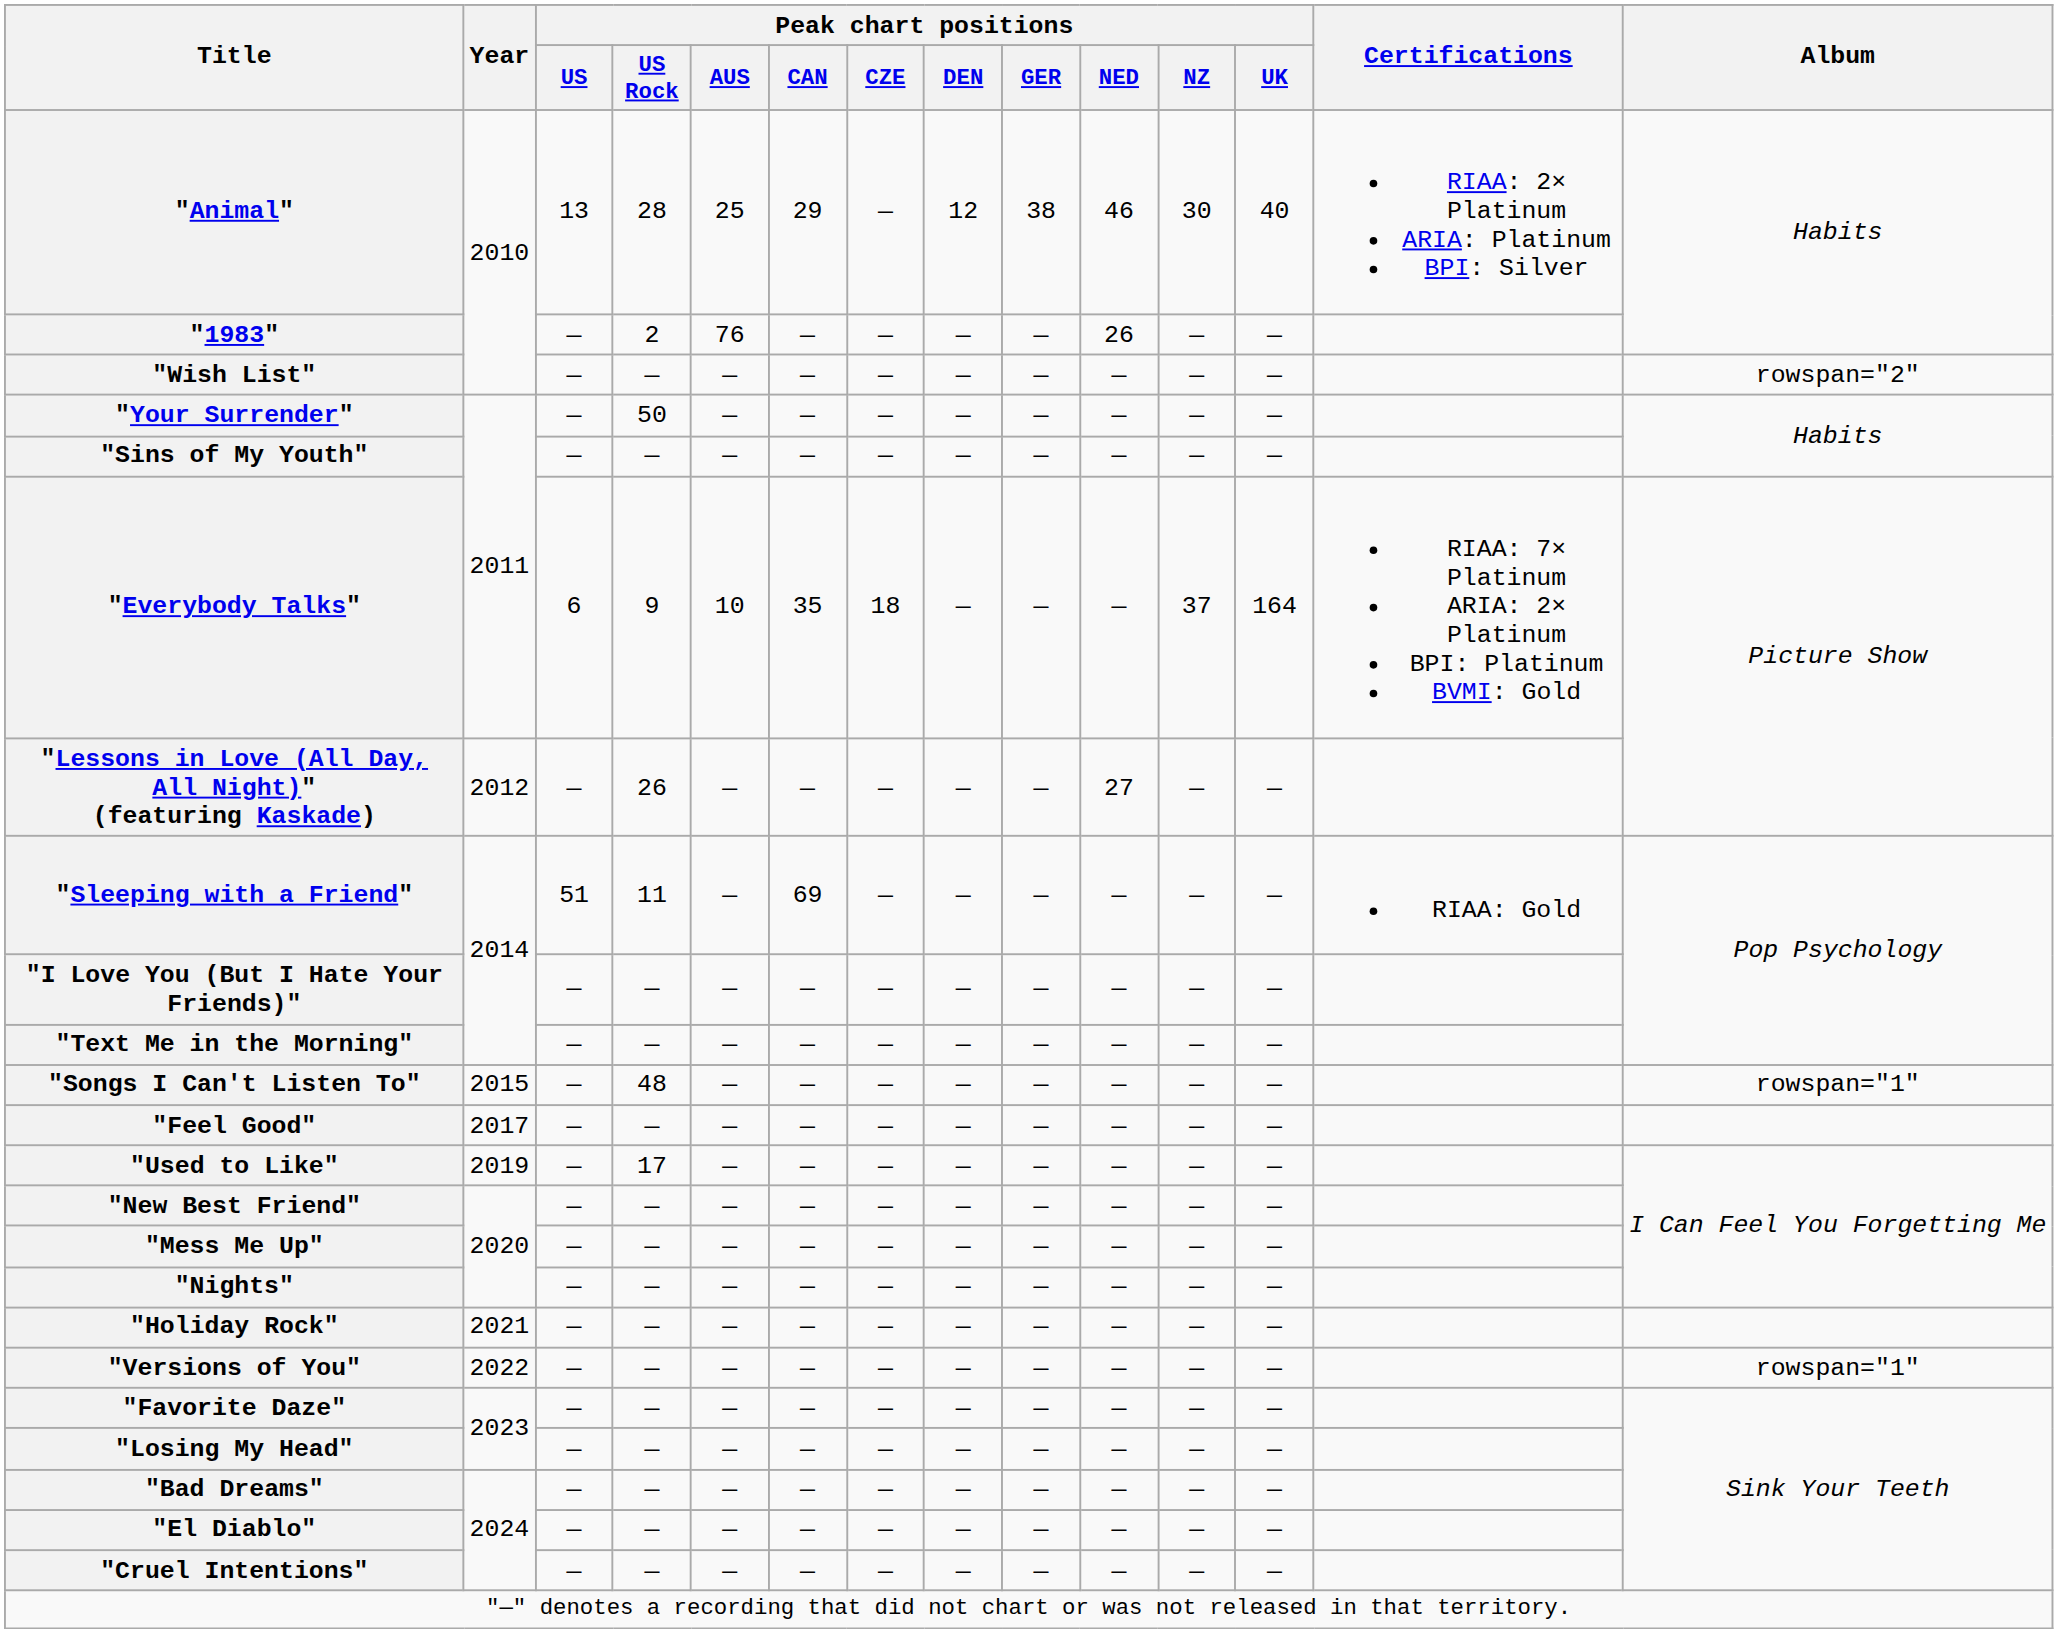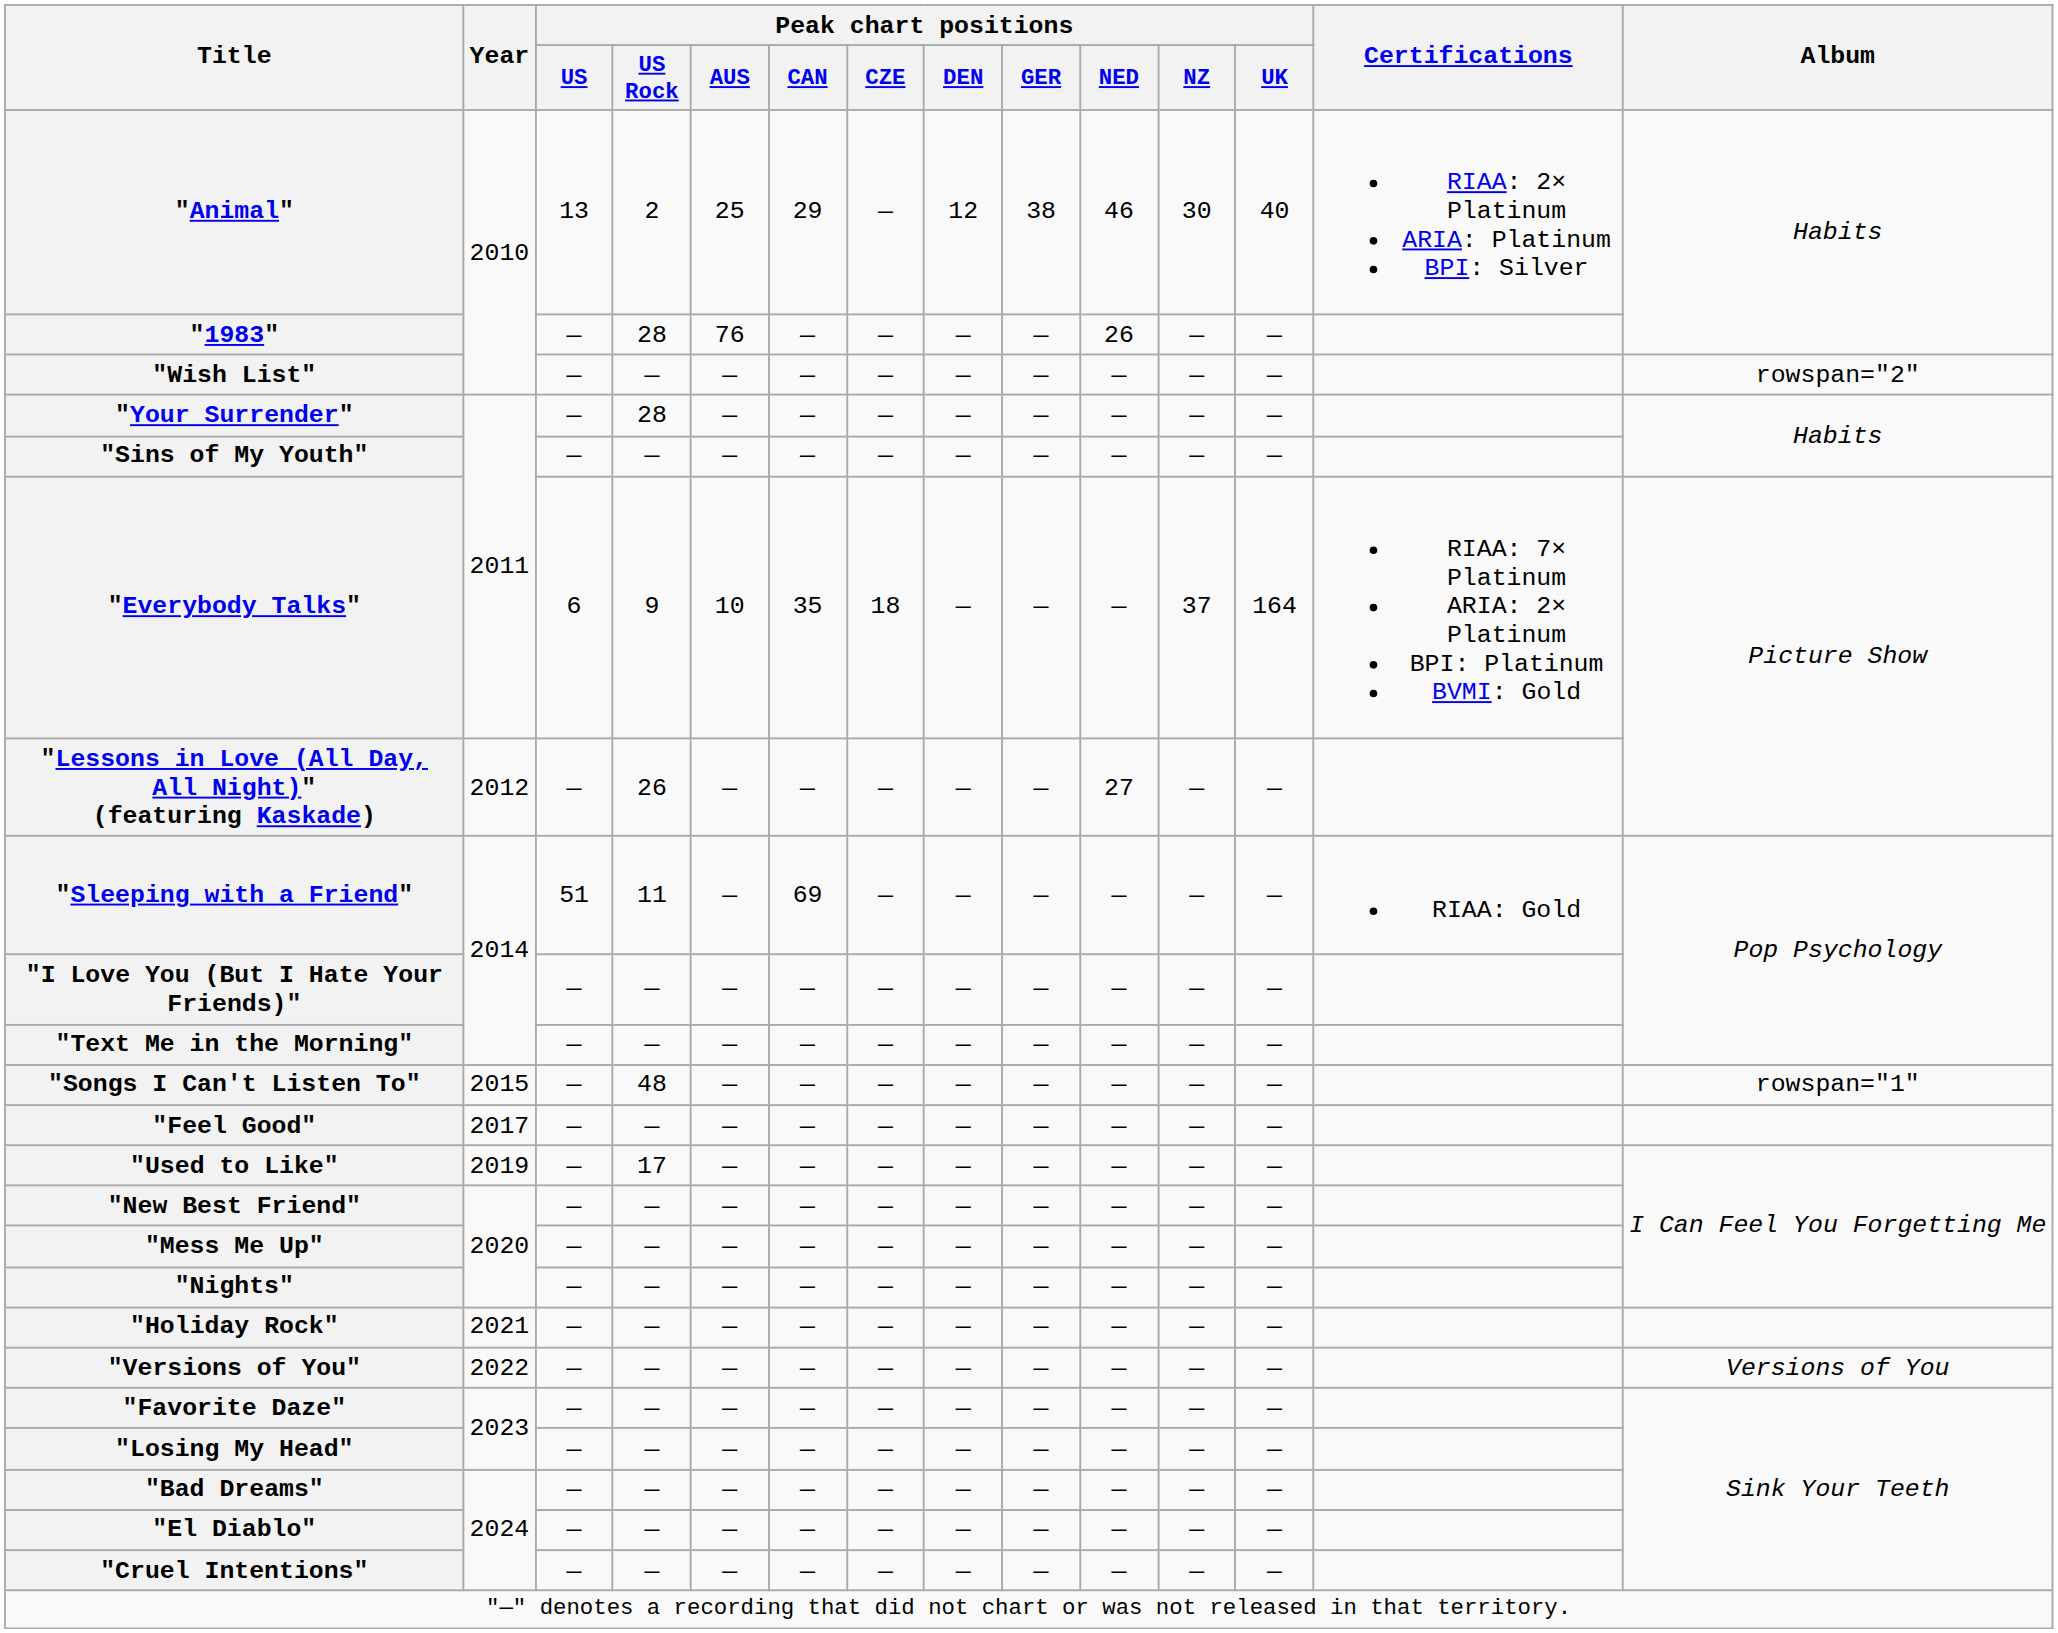 <table class="wikitable plainrowheaders" style="text-align:center;" border="1">
 <tr>
 <th scope="col" rowspan="2" style="width:18em;">Title</th>
 <th scope="col" rowspan="2">Year</th>
 <th scope="col" colspan="10">Peak chart positions</th>
 <th scope="col" rowspan="2" style="width:12em;"><a href='#'>Certifications</a></th>
 <th scope="col" rowspan="2">Album</th>
 </tr>
 <tr>
 <th scope="col" style="width:3em;font-size:90%;"><a href='#'>US</a><br></th>
 <th scope="col" style="width:3em;font-size:90%;"><a href='#'>US<br>Rock</a><br></th>
 <th scope="col" style="width:3em;font-size:90%;"><a href='#'>AUS</a><br></th>
 <th scope="col" style="width:3em;font-size:90%;"><a href='#'>CAN</a><br></th>
 <th scope="col" style="width:3em;font-size:90%;"><a href='#'>CZE</a><br></th>
 <th scope="col" style="width:3em;font-size:90%;"><a href='#'>DEN</a><br></th>
 <th scope="col" style="width:3em;font-size:90%;"><a href='#'>GER</a><br></th>
 <th scope="col" style="width:3em;font-size:90%;"><a href='#'>NED</a><br></th>
 <th scope="col" style="width:3em;font-size:90%;"><a href='#'>NZ</a><br></th>
 <th scope="col" style="width:3em;font-size:90%;"><a href='#'>UK</a><br></th>
 </tr>
 <tr>
 <th scope="row">"<a href='#'>Animal</a>"</th>
 <td rowspan="3">2010</td>
 <td>13</td>
-<td>28</td>
+<td>2</td>
 <td>25</td>
 <td>29</td>
 <td>—</td>
 <td>12</td>
 <td>38</td>
 <td>46</td>
 <td>30</td>
 <td>40</td>
 <td><br><ul><li><a href='#'>RIAA</a>: 2× Platinum</li><li><a href='#'>ARIA</a>: Platinum</li><li><a href='#'>BPI</a>: Silver</li></ul></td>
 <td rowspan="2"><em>Habits</em></td>
 </tr>
 <tr>
 <th scope="row">"<a href='#'>1983</a>"</th>
 <td>—</td>
-<td>2</td>
+<td>28</td>
 <td>76</td>
 <td>—</td>
 <td>—</td>
 <td>—</td>
 <td>—</td>
 <td>26</td>
 <td>—</td>
 <td>—</td>
 <td></td>
 </tr>
 <tr>
 <th scope="row">"Wish List"</th>
 <td>—</td>
 <td>—</td>
 <td>—</td>
 <td>—</td>
 <td>—</td>
 <td>—</td>
 <td>—</td>
 <td>—</td>
 <td>—</td>
 <td>—</td>
 <td></td>
 <td>rowspan="2" </td>
 </tr>
 <tr>
 <th scope="row">"<a href='#'>Your Surrender</a>"</th>
 <td rowspan="3">2011</td>
 <td>—</td>
-<td>50</td>
+<td>28</td>
 <td>—</td>
 <td>—</td>
 <td>—</td>
 <td>—</td>
 <td>—</td>
 <td>—</td>
 <td>—</td>
 <td>—</td>
 <td></td>
 <td rowspan="2"><em>Habits</em></td>
 </tr>
 <tr>
 <th scope="row">"Sins of My Youth"</th>
 <td>—</td>
 <td>—</td>
 <td>—</td>
 <td>—</td>
 <td>—</td>
 <td>—</td>
 <td>—</td>
 <td>—</td>
 <td>—</td>
 <td>—</td>
 <td></td>
 </tr>
 <tr>
 <th scope="row">"<a href='#'>Everybody Talks</a>"</th>
 <td>6</td>
 <td>9</td>
 <td>10</td>
 <td>35</td>
 <td>18</td>
 <td>—</td>
 <td>—</td>
 <td>—</td>
 <td>37</td>
 <td>164</td>
 <td><br><ul><li>RIAA: 7× Platinum</li><li>ARIA: 2× Platinum</li><li>BPI: Platinum</li><li><a href='#'>BVMI</a>: Gold</li></ul></td>
 <td rowspan="2"><em>Picture Show</em></td>
 </tr>
 <tr>
 <th scope="row">"<a href='#'>Lessons in Love (All Day, All Night)</a>"<br><span>(featuring <a href='#'>Kaskade</a>)</span></th>
 <td>2012</td>
 <td>—</td>
 <td>26</td>
 <td>—</td>
 <td>—</td>
 <td>—</td>
 <td>—</td>
 <td>—</td>
 <td>27</td>
 <td>—</td>
 <td>—</td>
 <td></td>
 </tr>
 <tr>
 <th scope="row">"<a href='#'>Sleeping with a Friend</a>"</th>
 <td rowspan="3">2014</td>
 <td>51</td>
 <td>11</td>
 <td>—</td>
 <td>69</td>
 <td>—</td>
 <td>—</td>
 <td>—</td>
 <td>—</td>
 <td>—</td>
 <td>—</td>
 <td><br><ul><li>RIAA: Gold</li></ul></td>
 <td rowspan="3"><em>Pop Psychology</em></td>
 </tr>
 <tr>
 <th scope="row">"I Love You (But I Hate Your Friends)"</th>
 <td>—</td>
 <td>—</td>
 <td>—</td>
 <td>—</td>
 <td>—</td>
 <td>—</td>
 <td>—</td>
 <td>—</td>
 <td>—</td>
 <td>—</td>
 <td></td>
 </tr>
 <tr>
 <th scope="row">"Text Me in the Morning"</th>
 <td>—</td>
 <td>—</td>
 <td>—</td>
 <td>—</td>
 <td>—</td>
 <td>—</td>
 <td>—</td>
 <td>—</td>
 <td>—</td>
 <td>—</td>
 <td></td>
 </tr>
 <tr>
 <th scope="row">"Songs I Can't Listen To"</th>
 <td>2015</td>
 <td>—</td>
 <td>48</td>
 <td>—</td>
 <td>—</td>
 <td>—</td>
 <td>—</td>
 <td>—</td>
 <td>—</td>
 <td>—</td>
 <td>—</td>
 <td></td>
 <td>rowspan="1" </td>
 </tr>
 <tr>
 <th scope="row">"Feel Good"</th>
 <td>2017</td>
 <td>—</td>
 <td>—</td>
 <td>—</td>
 <td>—</td>
 <td>—</td>
 <td>—</td>
 <td>—</td>
 <td>—</td>
 <td>—</td>
 <td>—</td>
 <td></td>
 </tr>
 <tr>
 <th scope="row">"Used to Like"</th>
 <td>2019</td>
 <td>—</td>
 <td>17</td>
 <td>—</td>
 <td>—</td>
 <td>—</td>
 <td>—</td>
 <td>—</td>
 <td>—</td>
 <td>—</td>
 <td>—</td>
 <td></td>
 <td rowspan="4"><em>I Can Feel You Forgetting Me</em></td>
 </tr>
 <tr>
 <th scope="row">"New Best Friend"</th>
 <td rowspan="3">2020</td>
 <td>—</td>
 <td>—</td>
 <td>—</td>
 <td>—</td>
 <td>—</td>
 <td>—</td>
 <td>—</td>
 <td>—</td>
 <td>—</td>
 <td>—</td>
 <td></td>
 </tr>
 <tr>
 <th scope="row">"Mess Me Up"</th>
 <td>—</td>
 <td>—</td>
 <td>—</td>
 <td>—</td>
 <td>—</td>
 <td>—</td>
 <td>—</td>
 <td>—</td>
 <td>—</td>
 <td>—</td>
 <td></td>
 </tr>
 <tr>
 <th scope="row">"Nights"</th>
 <td>—</td>
 <td>—</td>
 <td>—</td>
 <td>—</td>
 <td>—</td>
 <td>—</td>
 <td>—</td>
 <td>—</td>
 <td>—</td>
 <td>—</td>
 <td></td>
 </tr>
 <tr>
 <th scope="row">"Holiday Rock"</th>
 <td>2021</td>
 <td>—</td>
 <td>—</td>
 <td>—</td>
 <td>—</td>
 <td>—</td>
 <td>—</td>
 <td>—</td>
 <td>—</td>
 <td>—</td>
 <td>—</td>
 <td></td>
 <td></td>
 </tr>
 <tr>
 <th scope="row">"Versions of You"</th>
 <td>2022</td>
 <td>—</td>
 <td>—</td>
 <td>—</td>
 <td>—</td>
 <td>—</td>
 <td>—</td>
 <td>—</td>
 <td>—</td>
 <td>—</td>
 <td>—</td>
 <td></td>
-<td>rowspan="1" </td>
+<td><em>Versions of You</em></td>
 </tr>
 <tr>
 <th scope="row">"Favorite Daze"</th>
 <td rowspan="2">2023</td>
 <td>—</td>
 <td>—</td>
 <td>—</td>
 <td>—</td>
 <td>—</td>
 <td>—</td>
 <td>—</td>
 <td>—</td>
 <td>—</td>
 <td>—</td>
 <td></td>
 <td rowspan="5"><em>Sink Your Teeth</em></td>
 </tr>
 <tr>
 <th scope="row">"Losing My Head"</th>
 <td>—</td>
 <td>—</td>
 <td>—</td>
 <td>—</td>
 <td>—</td>
 <td>—</td>
 <td>—</td>
 <td>—</td>
 <td>—</td>
 <td>—</td>
 <td></td>
 </tr>
 <tr>
 <th scope="row">"Bad Dreams"</th>
 <td rowspan="3">2024</td>
 <td>—</td>
 <td>—</td>
 <td>—</td>
 <td>—</td>
 <td>—</td>
 <td>—</td>
 <td>—</td>
 <td>—</td>
 <td>—</td>
 <td>—</td>
 <td></td>
 </tr>
 <tr>
 <th scope="row">"El Diablo"</th>
 <td>—</td>
 <td>—</td>
 <td>—</td>
 <td>—</td>
 <td>—</td>
 <td>—</td>
 <td>—</td>
 <td>—</td>
 <td>—</td>
 <td>—</td>
 <td></td>
 </tr>
 <tr>
 <th scope="row">"Cruel Intentions"</th>
 <td>—</td>
 <td>—</td>
 <td>—</td>
 <td>—</td>
 <td>—</td>
 <td>—</td>
 <td>—</td>
 <td>—</td>
 <td>—</td>
 <td>—</td>
 <td></td>
 </tr>
 <tr>
 <td colspan="14" style="font-size:90%">"—" denotes a recording that did not chart or was not released in that territory.</td>
 </tr>
 </table>
